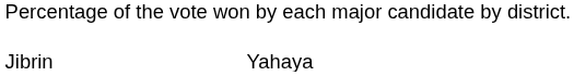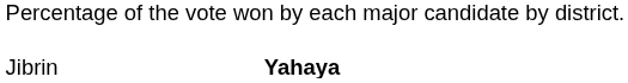 <table align=right>
 <tr>
 <td colspan=2>Percentage of the vote won by each major candidate by district.</td>
 </tr>
 <tr>
 <td><br>Jibrin<br> </td>
-<td><br>Yahaya<br>  </td>
+<td><strong><br>Yahaya<br>  </strong></td>
 </tr>
 </table>
